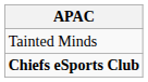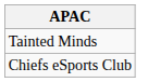 <table class="wikitable" style="display: inline-table; margin-left: 25px;">
 <tr>
 <th>APAC</th>
 </tr>
 <tr>
 <td>Tainted Minds</td>
 </tr>
 <tr>
-<td><strong>Chiefs eSports Club</strong></td>
+<td>Chiefs eSports Club</td>
 </tr>
 </table>
